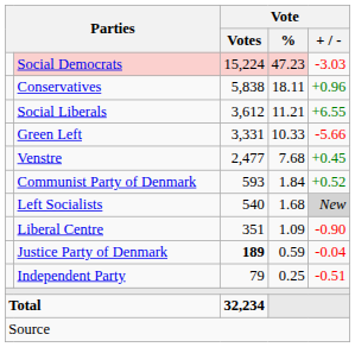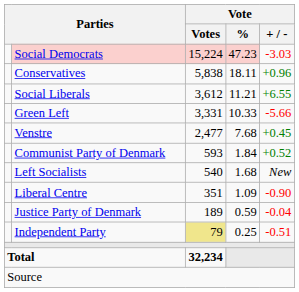 <table class="wikitable" style="text-align:right;">
 <tr>
 <th style="text-align:centre;" rowspan="2" colspan="2" width="225">Parties</th>
 <th colspan="3">Vote</th>
 </tr>
 <tr>
 <th width="15">Votes</th>
 <th width="15">%</th>
 <th width="15">+ / -</th>
 </tr>
 <tr>
 <td width="2" style="color:inherit;background:"></td>
 <td bgcolor=#fbd0ce  align="left"><a href='#'>Social Democrats</a></td>
 <td bgcolor=#fbd0ce>15,224</td>
 <td bgcolor=#fbd0ce>47.23</td>
 <td style=color:red;>-3.03</td>
 </tr>
 <tr>
 <td width="2" style="color:inherit;background:"></td>
 <td align="left"><a href='#'>Conservatives</a></td>
 <td>5,838</td>
 <td>18.11</td>
 <td style=color:green;>+0.96</td>
 </tr>
 <tr>
 <td width="2" style="color:inherit;background:"></td>
 <td align="left"><a href='#'>Social Liberals</a></td>
 <td>3,612</td>
 <td>11.21</td>
 <td style=color:green;>+6.55</td>
 </tr>
 <tr>
 <td width="2" style="color:inherit;background:"></td>
 <td align="left"><a href='#'>Green Left</a></td>
 <td>3,331</td>
 <td>10.33</td>
 <td style=color:red;>-5.66</td>
 </tr>
 <tr>
 <td width="2" style="color:inherit;background:"></td>
 <td align="left"><a href='#'>Venstre</a></td>
 <td>2,477</td>
 <td>7.68</td>
 <td style=color:green;>+0.45</td>
 </tr>
 <tr>
 <td width="2" style="color:inherit;background:"></td>
 <td align="left"><a href='#'>Communist Party of Denmark</a></td>
 <td>593</td>
 <td>1.84</td>
 <td style=color:green;>+0.52</td>
 </tr>
 <tr>
 <td width="2" style="color:inherit;background:"></td>
 <td align="left"><a href='#'>Left Socialists</a></td>
 <td>540</td>
 <td>1.68</td>
-<td style="background: lightgrey;"><em>New</em></td>
+<td><em>New</em></td>
 </tr>
 <tr>
 <td width="2" style="color:inherit;background:"></td>
 <td align="left"><a href='#'>Liberal Centre</a></td>
 <td>351</td>
 <td>1.09</td>
 <td style=color:red;>-0.90</td>
 </tr>
 <tr>
 <td width="2" style="color:inherit;background:"></td>
 <td align="left"><a href='#'>Justice Party of Denmark</a></td>
-<td><strong>189</strong></td>
+<td>189</td>
 <td>0.59</td>
 <td style=color:red;>-0.04</td>
 </tr>
 <tr>
 <td width="2" style="color:inherit;background:"></td>
 <td align="left"><a href='#'>Independent Party</a></td>
-<td>79</td>
+<td style="background: khaki;">79</td>
 <td>0.25</td>
 <td style=color:red;>-0.51</td>
 </tr>
 <tr>
 <td colspan="7" bgcolor="#E9E9E9"></td>
 </tr>
 <tr>
 <td align="left" colspan="2"><strong>Total</strong></td>
 <td><strong>32,234</strong></td>
 <td bgcolor="#E9E9E9" colspan="2"></td>
 </tr>
 <tr>
 <td align="left" colspan="6">Source</td>
 </tr>
 </table>
